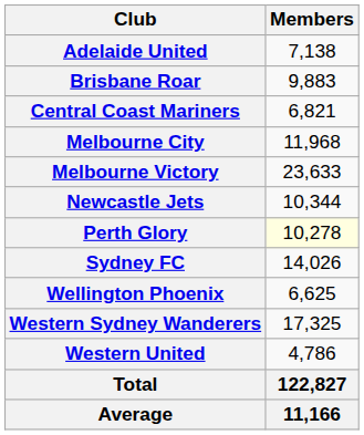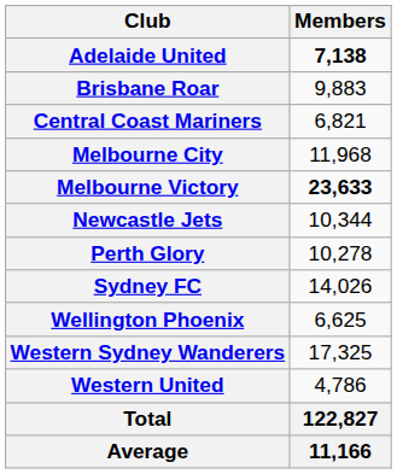 <table class="wikitable plainrowheaders sortable" style="text-align:center;">
 <tr>
 <th>Club</th>
 <th>Members</th>
 </tr>
 <tr>
 <th scope="row"><a href='#'>Adelaide United</a></th>
-<td>7,138</td>
+<td><strong>7,138</strong></td>
 </tr>
 <tr>
 <th scope="row"><a href='#'>Brisbane Roar</a></th>
 <td>9,883</td>
 </tr>
 <tr>
 <th scope="row"><a href='#'>Central Coast Mariners</a></th>
 <td>6,821</td>
 </tr>
 <tr>
 <th scope="row"><a href='#'>Melbourne City</a></th>
 <td>11,968</td>
 </tr>
 <tr>
 <th scope="row"><a href='#'>Melbourne Victory</a></th>
-<td>23,633</td>
+<td><strong>23,633</strong></td>
 </tr>
 <tr>
 <th scope="row"><a href='#'>Newcastle Jets</a></th>
 <td>10,344</td>
 </tr>
 <tr>
 <th scope="row"><a href='#'>Perth Glory</a></th>
-<td style="background: lightyellow;">10,278</td>
+<td>10,278</td>
 </tr>
 <tr>
 <th scope="row"><a href='#'>Sydney FC</a></th>
 <td>14,026</td>
 </tr>
 <tr>
 <th scope="row"><a href='#'>Wellington Phoenix</a></th>
 <td>6,625</td>
 </tr>
 <tr>
 <th scope="row"><a href='#'>Western Sydney Wanderers</a></th>
 <td>17,325</td>
 </tr>
 <tr>
 <th scope="row"><a href='#'>Western United</a></th>
 <td>4,786</td>
 </tr>
 <tr>
 <th>Total</th>
 <th>122,827</th>
 </tr>
 <tr>
 <th>Average</th>
 <th>11,166</th>
 </tr>
 </table>
